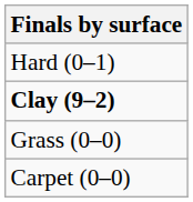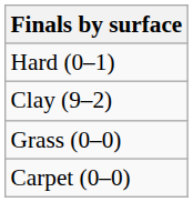 <table class=wikitable style=font-size:97%>
 <tr>
 <th>Finals by surface</th>
 </tr>
 <tr>
 <td>Hard (0–1)</td>
 </tr>
 <tr>
-<td><strong>Clay (9–2)</strong></td>
+<td>Clay (9–2)</td>
 </tr>
 <tr>
 <td>Grass (0–0)</td>
 </tr>
 <tr>
 <td>Carpet (0–0)</td>
 </tr>
 </table>
